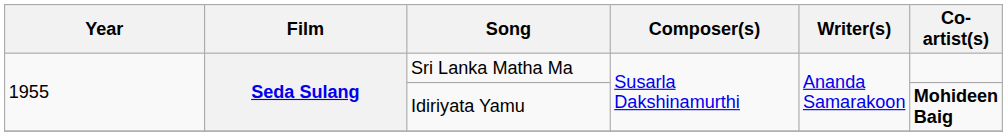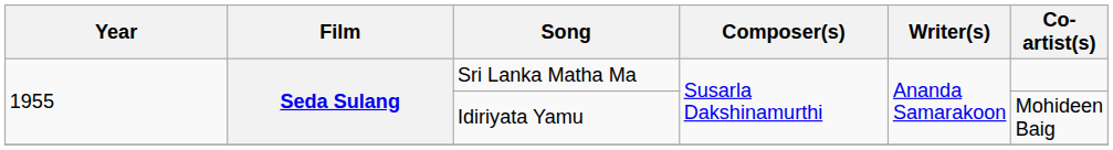 <table class="wikitable plainrowheaders" style="width:100%; textcolor:#000">
 <tr style="background:#b0e0e66;">
 <th scope="col" style="width:23%;"><strong>Year</strong></th>
 <th scope="col" style="width:23%;"><strong>Film</strong></th>
 <th scope="col" style="width:23%;"><strong>Song</strong></th>
 <th scope="col" style="width:20%;"><strong>Composer(s)</strong></th>
 <th scope="col" style="width:16%;"><strong>Writer(s)</strong></th>
 <th scope="col" style="width:18%;"><strong>Co-artist(s)</strong></th>
 </tr>
 <tr>
 <td rowspan=2>1955</td>
 <th rowspan=2><a href='#'>Seda Sulang</a></th>
 <td>Sri Lanka Matha Ma</td>
 <td rowspan=2><a href='#'>Susarla Dakshinamurthi</a></td>
 <td rowspan=2><a href='#'>Ananda Samarakoon</a></td>
 <td></td>
 </tr>
 <tr>
 <td>Idiriyata Yamu</td>
-<td><strong>Mohideen Baig</strong></td>
+<td>Mohideen Baig</td>
 </tr>
 <tr>
 </tr>
 </table>
